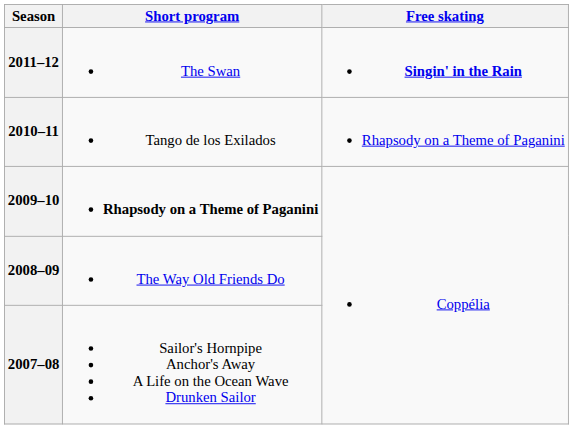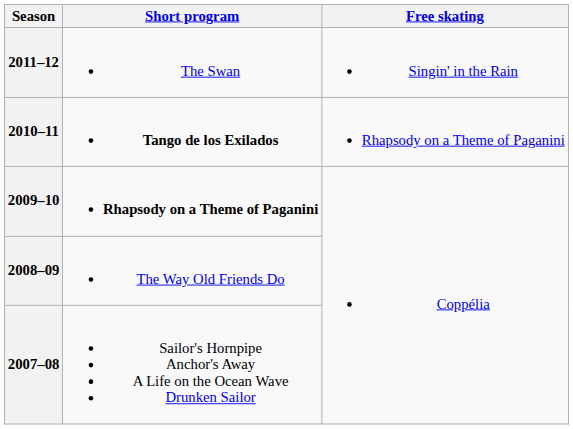 <table class=wikitable style=text-align:center>
 <tr>
 <th>Season</th>
 <th><a href='#'>Short program</a></th>
 <th><a href='#'>Free skating</a></th>
 </tr>
 <tr>
 <th>2011–12 <br> </th>
 <td><br><ul><li><a href='#'>The Swan</a> <br></li></ul></td>
-<td><strong><br><ul><li><a href='#'>Singin' in the Rain</a> <br></li></ul></strong></td>
+<td><br><ul><li><a href='#'>Singin' in the Rain</a> <br></li></ul></td>
 </tr>
 <tr>
 <th>2010–11 <br> </th>
-<td><br><ul><li>Tango de los Exilados <br></li></ul></td>
+<td><strong><br><ul><li>Tango de los Exilados <br></li></ul></strong></td>
 <td><br><ul><li><a href='#'>Rhapsody on a Theme of Paganini</a> <br></li></ul></td>
 </tr>
 <tr>
 <th>2009–10 <br> </th>
 <td><strong><br><ul><li>Rhapsody on a Theme of Paganini <br></li></ul></strong></td>
 <td rowspan=3><br><ul><li><a href='#'>Coppélia</a> <br></li></ul></td>
 </tr>
 <tr>
 <th>2008–09 <br> </th>
 <td><br><ul><li><a href='#'>The Way Old Friends Do</a> <br></li></ul></td>
 </tr>
 <tr>
 <th>2007–08 <br> </th>
 <td><br><ul><li>Sailor's Hornpipe</li><li>Anchor's Away</li><li>A Life on the Ocean Wave</li><li><a href='#'>Drunken Sailor</a></li></ul></td>
 </tr>
 </table>
